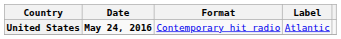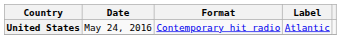 <table class="wikitable plainrowheaders">
 <tr>
 <th scope="col">Country</th>
 <th scope="col">Date</th>
 <th scope="col">Format</th>
 <th scope="col">Label</th>
 <th scope="col"></th>
 </tr>
 <tr>
 <th scope="row">United States</th>
-<td><strong>May 24, 2016</strong></td>
+<td>May 24, 2016</td>
 <td><a href='#'>Contemporary hit radio</a></td>
 <td><a href='#'>Atlantic</a></td>
 <td></td>
 </tr>
 <tr>
 </tr>
 </table>
